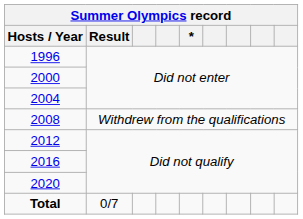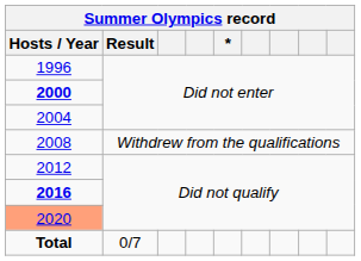 <table class="wikitable" style="text-align: center;font-size:95%;">
 <tr>
 <th colspan=10><a href='#'>Summer Olympics</a> record</th>
 </tr>
 <tr>
 <th>Hosts / Year</th>
 <th>Result</th>
 <th width=20></th>
 <th width=20></th>
 <th width=20>*</th>
 <th width=20></th>
 <th width=20></th>
 <th width=20></th>
 <th width=20></th>
 </tr>
 <tr>
 <td> <a href='#'>1996</a></td>
 <td colspan=8 rowspan=3><em>Did not enter</em></td>
 </tr>
 <tr>
-<td> <a href='#'>2000</a></td>
+<td><strong> <a href='#'>2000</a></strong></td>
 </tr>
 <tr>
 <td> <a href='#'>2004</a></td>
 </tr>
 <tr>
 <td> <a href='#'>2008</a></td>
 <td colspan=8><em>Withdrew from the qualifications</em></td>
 </tr>
 <tr>
 <td> <a href='#'>2012</a></td>
 <td colspan=8 rowspan=3><em>Did not qualify</em></td>
 </tr>
 <tr>
-<td> <a href='#'>2016</a></td>
+<td><strong> <a href='#'>2016</a></strong></td>
 </tr>
 <tr>
-<td> <a href='#'>2020</a></td>
+<td style="background: lightsalmon;"> <a href='#'>2020</a></td>
 </tr>
 <tr>
 <td><strong>Total</strong></td>
 <td>0/7</td>
 <td></td>
 <td></td>
 <td></td>
 <td></td>
 <td></td>
 <td></td>
 <td></td>
 </tr>
 </table>
